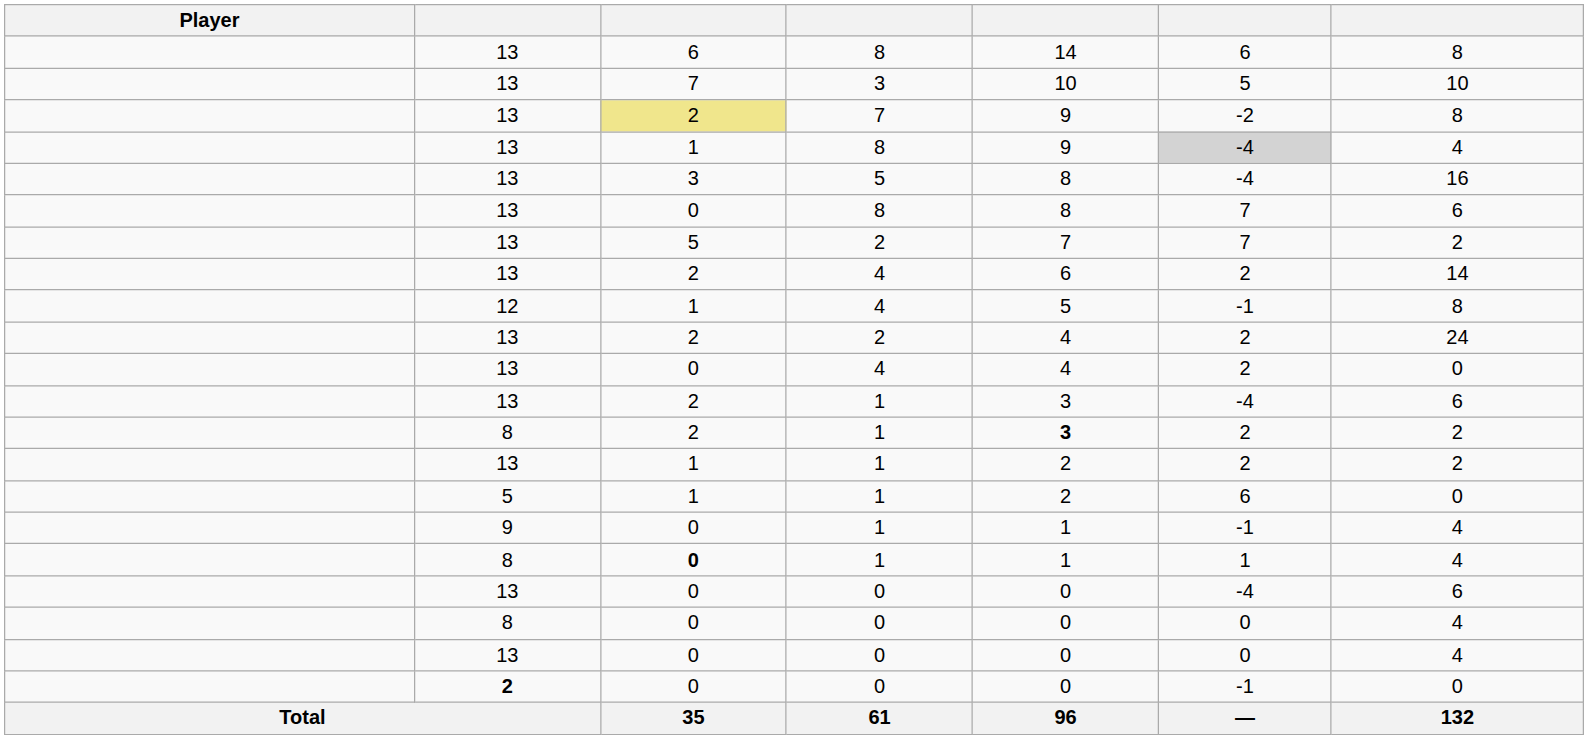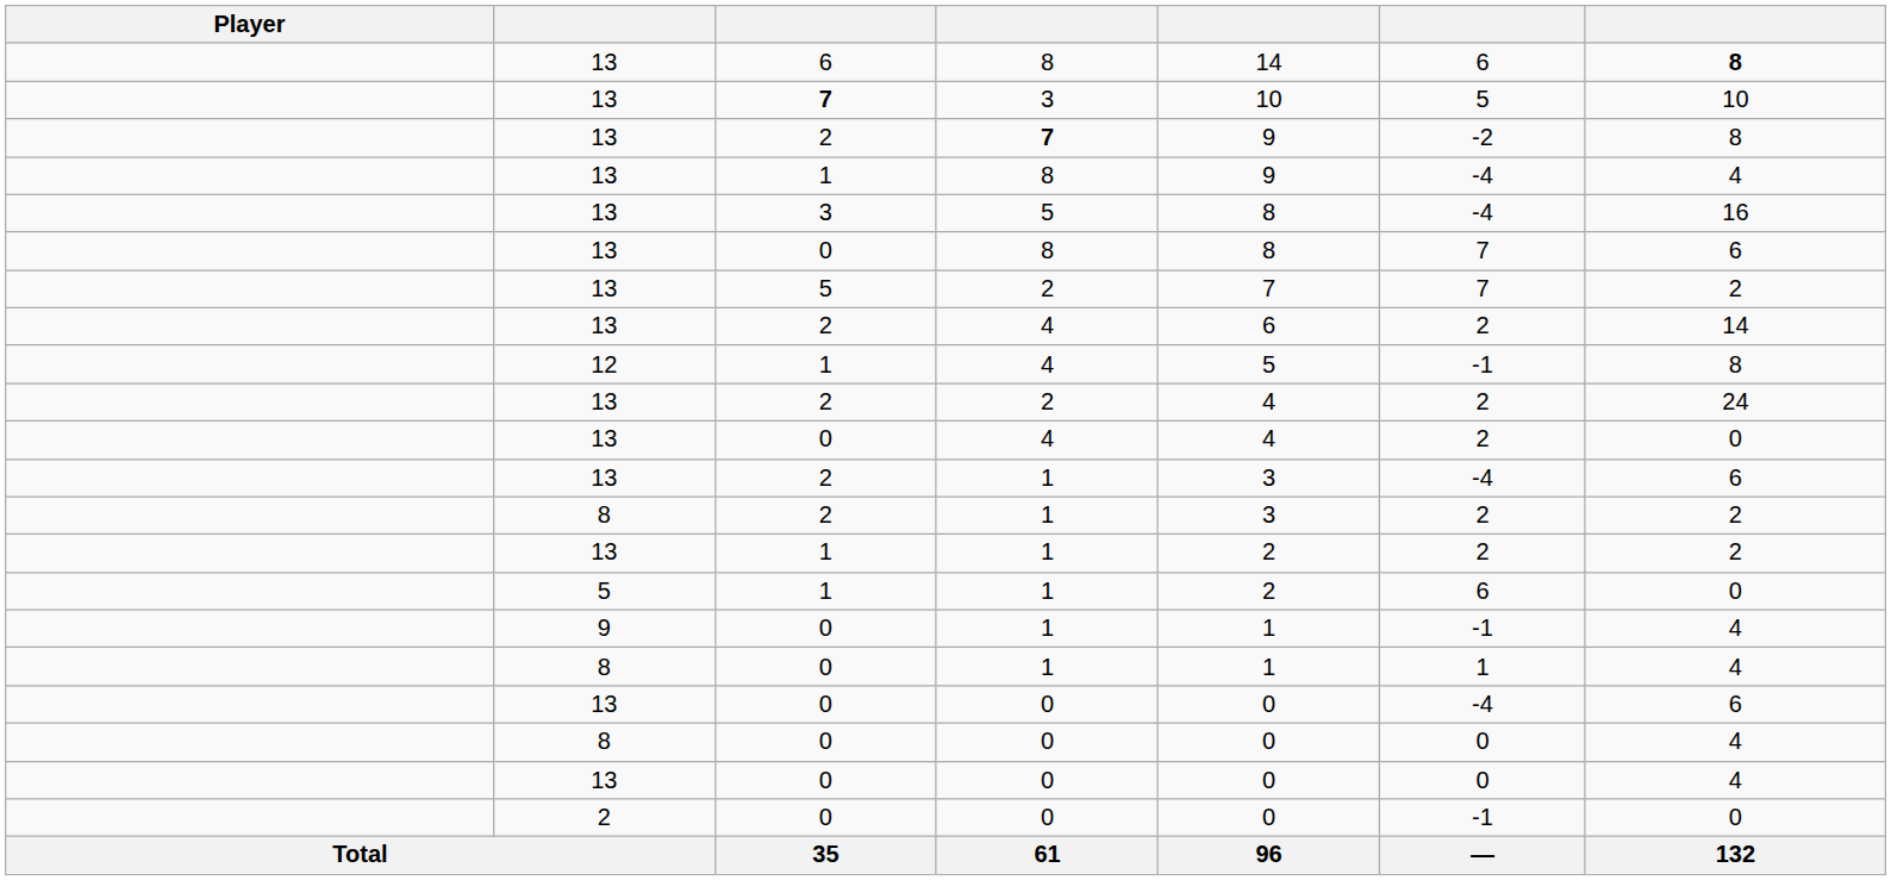 <table class="wikitable sortable" style="width:100%; text-align:center;">
 <tr>
 <th>Player</th>
 <th></th>
 <th></th>
 <th></th>
 <th></th>
 <th data-sort-type="number"></th>
 <th></th>
 </tr>
 <tr>
 <td></td>
 <td>13</td>
 <td>6</td>
 <td>8</td>
 <td>14</td>
 <td>6</td>
-<td>8</td>
+<td><strong>8</strong></td>
 </tr>
 <tr>
 <td></td>
 <td>13</td>
-<td>7</td>
+<td><strong>7</strong></td>
 <td>3</td>
 <td>10</td>
 <td>5</td>
 <td>10</td>
 </tr>
 <tr>
 <td></td>
 <td>13</td>
-<td style="background: khaki;">2</td>
-<td>7</td>
+<td>2</td>
+<td><strong>7</strong></td>
 <td>9</td>
 <td>-2</td>
 <td>8</td>
 </tr>
 <tr>
 <td></td>
 <td>13</td>
 <td>1</td>
 <td>8</td>
 <td>9</td>
-<td style="background: lightgrey;">-4</td>
+<td>-4</td>
 <td>4</td>
 </tr>
 <tr>
 <td></td>
 <td>13</td>
 <td>3</td>
 <td>5</td>
 <td>8</td>
 <td>-4</td>
 <td>16</td>
 </tr>
 <tr>
 <td></td>
 <td>13</td>
 <td>0</td>
 <td>8</td>
 <td>8</td>
 <td>7</td>
 <td>6</td>
 </tr>
 <tr>
 <td></td>
 <td>13</td>
 <td>5</td>
 <td>2</td>
 <td>7</td>
 <td>7</td>
 <td>2</td>
 </tr>
 <tr>
 <td></td>
 <td>13</td>
 <td>2</td>
 <td>4</td>
 <td>6</td>
 <td>2</td>
 <td>14</td>
 </tr>
 <tr>
 <td></td>
 <td>12</td>
 <td>1</td>
 <td>4</td>
 <td>5</td>
 <td>-1</td>
 <td>8</td>
 </tr>
 <tr>
 <td></td>
 <td>13</td>
 <td>2</td>
 <td>2</td>
 <td>4</td>
 <td>2</td>
 <td>24</td>
 </tr>
 <tr>
 <td></td>
 <td>13</td>
 <td>0</td>
 <td>4</td>
 <td>4</td>
 <td>2</td>
 <td>0</td>
 </tr>
 <tr>
 <td></td>
 <td>13</td>
 <td>2</td>
 <td>1</td>
 <td>3</td>
 <td>-4</td>
 <td>6</td>
 </tr>
 <tr>
 <td></td>
 <td>8</td>
 <td>2</td>
 <td>1</td>
-<td><strong>3</strong></td>
+<td>3</td>
 <td>2</td>
 <td>2</td>
 </tr>
 <tr>
 <td></td>
 <td>13</td>
 <td>1</td>
 <td>1</td>
 <td>2</td>
 <td>2</td>
 <td>2</td>
 </tr>
 <tr>
 <td></td>
 <td>5</td>
 <td>1</td>
 <td>1</td>
 <td>2</td>
 <td>6</td>
 <td>0</td>
 </tr>
 <tr>
 <td></td>
 <td>9</td>
 <td>0</td>
 <td>1</td>
 <td>1</td>
 <td>-1</td>
 <td>4</td>
 </tr>
 <tr>
 <td></td>
 <td>8</td>
-<td><strong>0</strong></td>
+<td>0</td>
 <td>1</td>
 <td>1</td>
 <td>1</td>
 <td>4</td>
 </tr>
 <tr>
 <td></td>
 <td>13</td>
 <td>0</td>
 <td>0</td>
 <td>0</td>
 <td>-4</td>
 <td>6</td>
 </tr>
 <tr>
 <td></td>
 <td>8</td>
 <td>0</td>
 <td>0</td>
 <td>0</td>
 <td>0</td>
 <td>4</td>
 </tr>
 <tr>
 <td></td>
 <td>13</td>
 <td>0</td>
 <td>0</td>
 <td>0</td>
 <td>0</td>
 <td>4</td>
 </tr>
 <tr>
 <td></td>
-<td><strong>2</strong></td>
+<td>2</td>
 <td>0</td>
 <td>0</td>
 <td>0</td>
 <td>-1</td>
 <td>0</td>
 </tr>
 <tr class="sortbottom">
 <th colspan=2>Total</th>
 <th>35</th>
 <th>61</th>
 <th>96</th>
 <th>—</th>
 <th>132</th>
 </tr>
 </table>
